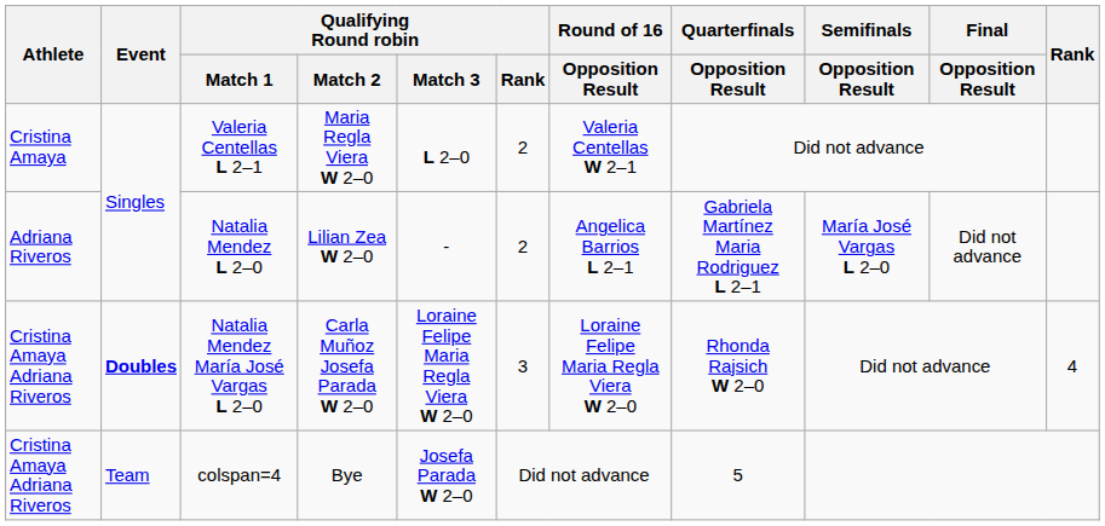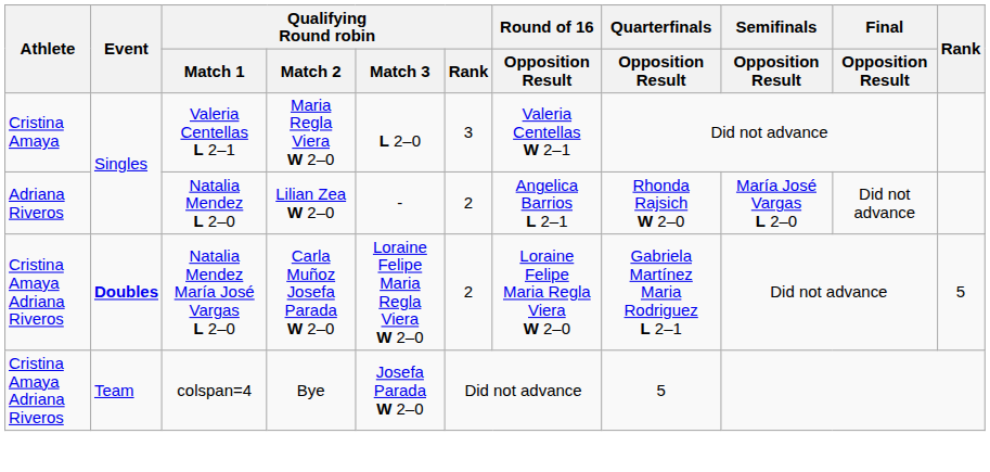 <table class="wikitable" style="font-size:90%">
 <tr>
 <th rowspan="2">Athlete</th>
 <th rowspan="2">Event</th>
 <th colspan="4">Qualifying<br>Round robin</th>
 <th>Round of 16</th>
 <th>Quarterfinals</th>
 <th>Semifinals</th>
 <th>Final</th>
 <th rowspan="2">Rank</th>
 </tr>
 <tr>
 <th>Match 1</th>
 <th>Match 2</th>
 <th>Match 3</th>
 <th>Rank</th>
 <th>Opposition<br>Result</th>
 <th>Opposition<br>Result</th>
 <th>Opposition<br>Result</th>
 <th>Opposition<br>Result</th>
 </tr>
 <tr align=center>
 <td align=left><a href='#'>Cristina Amaya</a></td>
 <td rowspan=2 align=left><a href='#'>Singles</a></td>
 <td align=center> <a href='#'>Valeria Centellas</a><br><strong>L</strong> 2–1</td>
 <td align=center> <a href='#'>Maria Regla Viera</a><br><strong>W</strong> 2–0</td>
 <td align=center><br><strong>L</strong> 2–0</td>
-<td>2</td>
+<td>3</td>
 <td align=center> <a href='#'>Valeria Centellas</a><br><strong>W</strong> 2–1</td>
 <td colspan=3>Did not advance</td>
 <td></td>
 </tr>
 <tr align=center>
 <td align=left><a href='#'>Adriana Riveros</a></td>
 <td align=center> <a href='#'>Natalia Mendez</a><br><strong>L</strong> 2–0</td>
 <td align=center> <a href='#'>Lilian Zea</a><br><strong>W</strong> 2–0</td>
 <td align=center>-</td>
 <td>2</td>
 <td align=center> <a href='#'>Angelica Barrios</a><br><strong>L</strong> 2–1</td>
-<td align=center> <a href='#'>Gabriela Martínez</a><br><a href='#'>Maria Rodriguez</a><br><strong>L</strong> 2–1</td>
+<td align=center> <a href='#'>Rhonda Rajsich</a><br><strong>W</strong> 2–0</td>
 <td align=center> <a href='#'>María José Vargas</a><br><strong>L</strong> 2–0</td>
 <td colspan=1>Did not advance</td>
 <td></td>
 </tr>
 <tr align=center>
 <td align=left><a href='#'>Cristina Amaya</a><br><a href='#'>Adriana Riveros</a></td>
 <td align=left><strong><a href='#'>Doubles</a></strong></td>
 <td align=center> <a href='#'>Natalia Mendez</a><br><a href='#'>María José Vargas</a><br><strong>L</strong> 2–0</td>
 <td align=center> <a href='#'>Carla Muñoz</a><br><a href='#'>Josefa Parada</a><br><strong>W</strong> 2–0</td>
 <td align=center> <a href='#'>Loraine Felipe</a><br><a href='#'>Maria Regla Viera</a><br><strong>W</strong> 2–0</td>
-<td>3</td>
+<td>2</td>
 <td align=center> <a href='#'>Loraine Felipe</a><br><a href='#'>Maria Regla Viera</a><br><strong>W</strong> 2–0</td>
-<td align=center> <a href='#'>Rhonda Rajsich</a><br><strong>W</strong> 2–0</td>
+<td align=center> <a href='#'>Gabriela Martínez</a><br><a href='#'>Maria Rodriguez</a><br><strong>L</strong> 2–1</td>
 <td colspan=2>Did not advance</td>
-<td>4</td>
+<td>5</td>
 </tr>
 <tr align=center>
 <td align=left><a href='#'>Cristina Amaya</a><br><a href='#'>Adriana Riveros</a></td>
 <td align=left><a href='#'>Team</a></td>
 <td>colspan=4 </td>
 <td>Bye</td>
 <td align=center> <a href='#'>Josefa Parada</a><br><strong>W</strong> 2–0</td>
 <td colspan=2>Did not advance</td>
 <td>5</td>
 </tr>
 </table>
